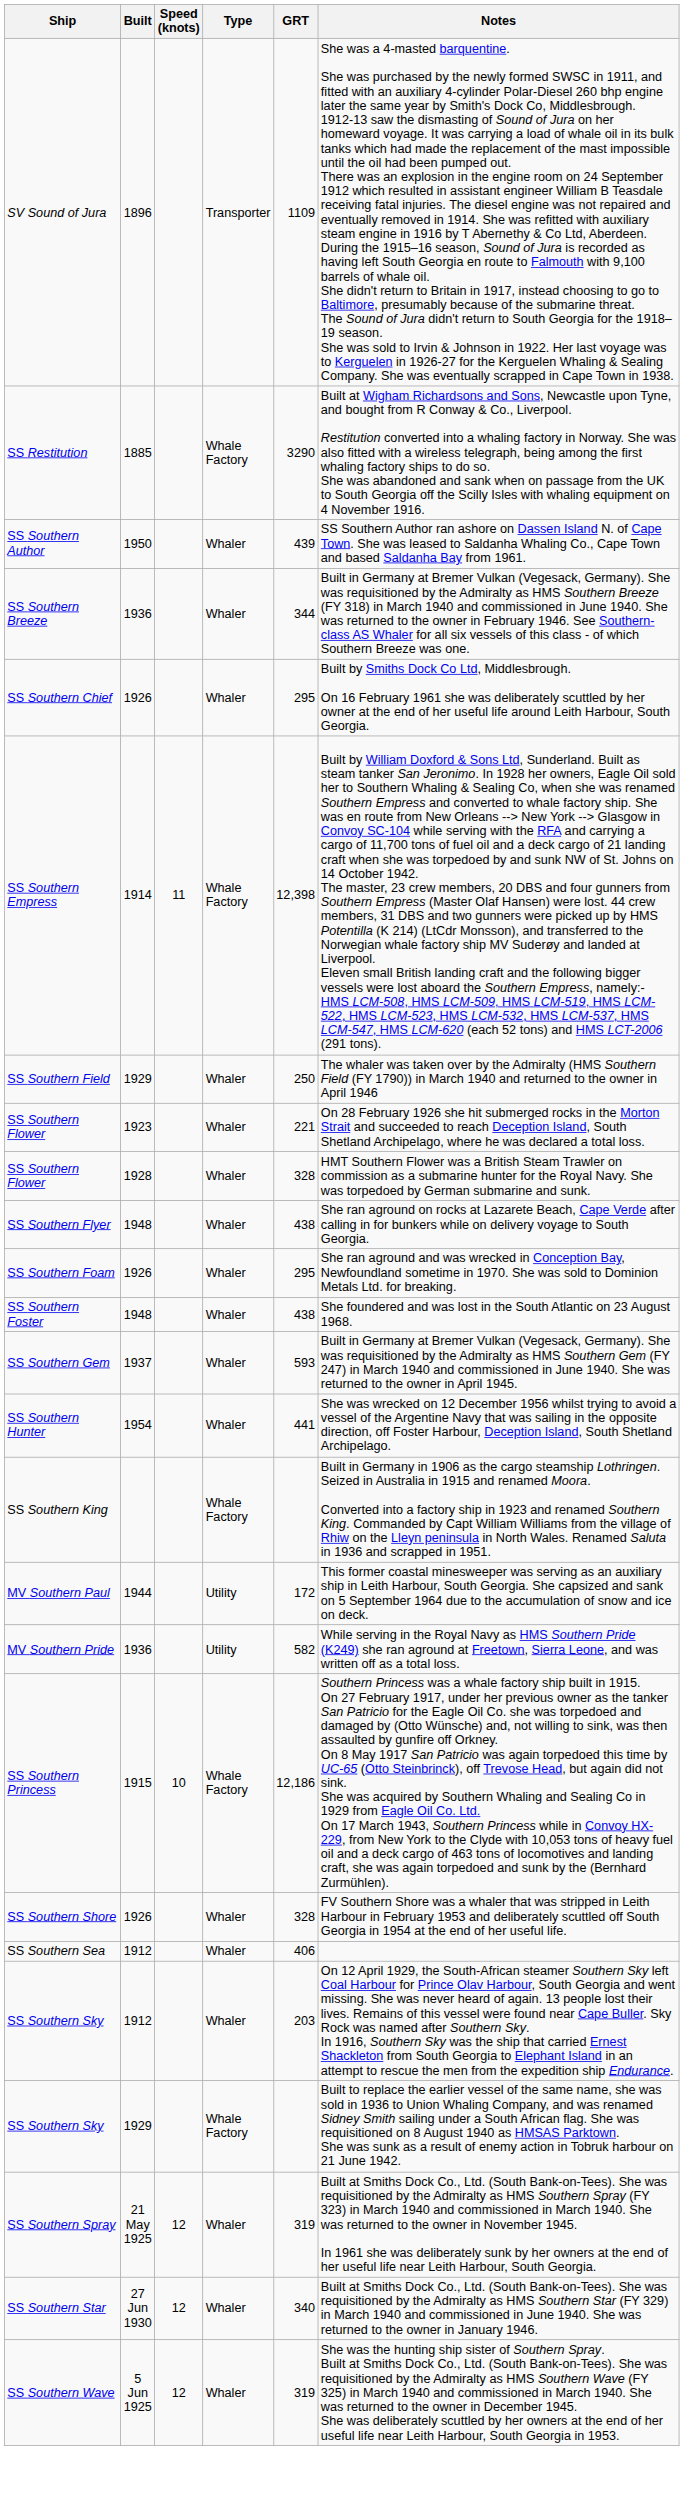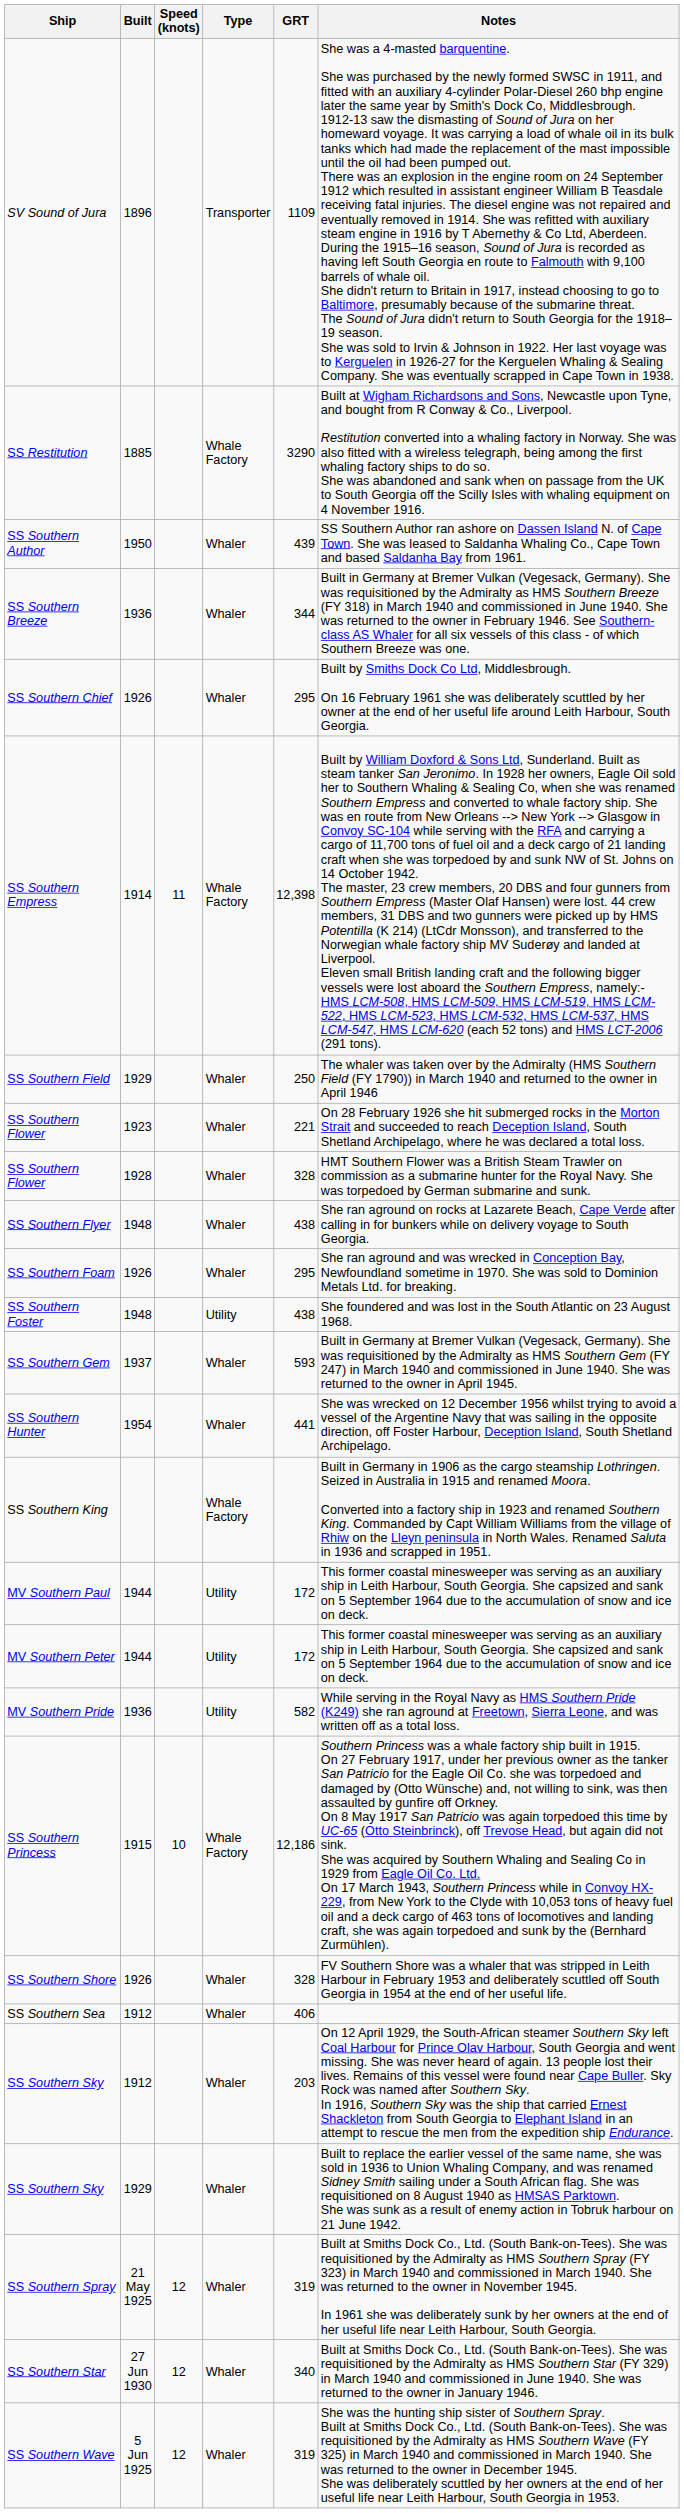 <table class="wikitable sortable">
 <tr>
 <th scope="col" width="140px" text-align="left">Ship</th>
 <th scope="col" width="30px"  text-align="center">Built</th>
 <th scope="col" width="30px"  text-align="center">Speed (knots)</th>
 <th scope="col" width="50px"  text-align="center">Type</th>
 <th scope="col" width="30px"  text-align="center">GRT</th>
 <th scope="col" width="450px" text-align="left" class="unsortable">Notes</th>
 </tr>
 <tr>
 <td><em>SV Sound of Jura</em></td>
 <td align="Center">1896</td>
 <td align="Center"></td>
 <td>Transporter</td>
 <td align="Right">1109</td>
 <td>She was a 4-masted <a href='#'>barquentine</a>.<br><br>She was purchased by the newly formed SWSC in 1911, and fitted with an auxiliary 4-cylinder Polar-Diesel 260 bhp engine later the same year by Smith's Dock Co, Middlesbrough.<br> 1912-13 saw the dismasting of <em>Sound of Jura</em> on her homeward voyage. It was carrying a load of whale oil in its bulk tanks which had made the replacement of the mast impossible until the oil had been pumped out.<br>  There was an explosion in the engine room on 24 September 1912 which resulted in assistant engineer William B Teasdale receiving fatal injuries. The diesel engine was not repaired and eventually removed in 1914. She was refitted with auxiliary steam engine in 1916 by T Abernethy & Co Ltd, Aberdeen.<br> During the 1915–16 season, <em>Sound of Jura</em> is recorded as having left South Georgia en route to <a href='#'>Falmouth</a> with 9,100 barrels of whale oil.<br> She didn't return to Britain in 1917, instead choosing to go to <a href='#'>Baltimore</a>, presumably because of the submarine threat.<br> The <em>Sound of Jura</em> didn't return to South Georgia for the 1918–19 season.<br> She was sold to Irvin & Johnson in 1922. Her last voyage was to <a href='#'>Kerguelen</a> in 1926-27 for the Kerguelen Whaling & Sealing Company. She was eventually scrapped in Cape Town in 1938.</td>
 </tr>
 <tr>
 <td><a href='#'>SS <em>Restitution</em></a></td>
 <td align="Center">1885</td>
 <td></td>
 <td>Whale Factory</td>
 <td align="Right">3290</td>
 <td>Built at <a href='#'>Wigham Richardsons and Sons</a>, Newcastle upon Tyne, and bought from R Conway & Co., Liverpool.<br><br><em>Restitution</em> converted into a whaling factory in Norway. She was also fitted with a wireless telegraph, being among the first whaling factory ships to do so.<br> She was abandoned and sank when on passage from the UK to South Georgia off the Scilly Isles with whaling equipment on 4 November 1916.</td>
 </tr>
 <tr>
 <td><a href='#'>SS <em>Southern Author</em></a></td>
 <td align="Center">1950</td>
 <td align="Center"></td>
 <td>Whaler</td>
 <td align="Right">439</td>
 <td>SS Southern Author ran ashore on <a href='#'>Dassen Island</a>  N. of <a href='#'>Cape Town</a>. She was leased to Saldanha Whaling Co., Cape Town and based <a href='#'>Saldanha Bay</a> from 1961.</td>
 </tr>
 <tr>
 <td><a href='#'>SS <em>Southern Breeze</em></a></td>
 <td align="Center">1936</td>
 <td align="Center"></td>
 <td>Whaler</td>
 <td align="Right">344</td>
 <td>Built in Germany at Bremer Vulkan (Vegesack, Germany). She was requisitioned by the Admiralty as HMS <em>Southern Breeze</em> (FY 318) in March 1940 and commissioned in June 1940. She was returned to the owner in February 1946. See <a href='#'>Southern-class AS Whaler</a> for all six vessels of this class - of which Southern Breeze was one.</td>
 </tr>
 <tr>
 <td><a href='#'>SS <em>Southern Chief</em></a></td>
 <td align="Center">1926</td>
 <td align="Center"></td>
 <td>Whaler</td>
 <td align="Right">295</td>
 <td>Built by <a href='#'>Smiths Dock Co Ltd</a>, Middlesbrough.<br><br>On 16 February 1961 she was deliberately scuttled by her owner at the end of her useful life around Leith Harbour, South Georgia.</td>
 </tr>
 <tr>
 <td><a href='#'>SS <em>Southern Empress</em></a></td>
 <td align="Center">1914</td>
 <td align="Center">11</td>
 <td>Whale Factory</td>
 <td align="Right">12,398</td>
 <td><br>Built by <a href='#'>William Doxford & Sons Ltd</a>, Sunderland. Built as steam tanker <em>San Jeronimo</em>. In 1928 her owners, Eagle Oil sold her to Southern Whaling & Sealing Co, when she was renamed <em>Southern Empress</em> and converted to whale factory ship. She was en route from New Orleans --> New York --> Glasgow in <a href='#'>Convoy SC-104</a> while serving with the <a href='#'>RFA</a> and carrying a cargo of 11,700 tons of fuel oil and a deck cargo of 21 landing craft when she was torpedoed by  and sunk NW of St. Johns on 14 October 1942.<br>The master, 23 crew members, 20 DBS and four gunners from <em>Southern Empress</em> (Master Olaf Hansen) were lost. 44 crew members, 31 DBS and two gunners were picked up by HMS <em>Potentilla</em> (K 214) (LtCdr Monsson), and transferred to the Norwegian whale factory ship MV Suderøy and landed at Liverpool.<br>Eleven small British landing craft and the following bigger vessels were lost aboard the <em>Southern Empress</em>, namely:-<br><a href='#'>HMS <em>LCM-508</em>, HMS <em>LCM-509</em>, HMS <em>LCM-519</em>, HMS <em>LCM-522</em>, HMS <em>LCM-523</em>, HMS <em>LCM-532</em>, HMS <em>LCM-537</em>, HMS <em>LCM-547</em>, HMS <em>LCM-620</em></a> (each 52 tons) and <a href='#'>HMS <em>LCT-2006</em></a> (291 tons).</td>
 </tr>
 <tr>
 <td><a href='#'>SS <em>Southern Field</em></a></td>
 <td align="Center">1929</td>
 <td align="Center"></td>
 <td>Whaler</td>
 <td align="Right">250</td>
 <td>The  whaler was taken over by the Admiralty (HMS <em>Southern Field</em> (FY 1790)) in March 1940 and returned to the owner in April 1946</td>
 </tr>
 <tr>
 <td><a href='#'>SS <em>Southern Flower</em></a></td>
 <td align="Center">1923</td>
 <td align="Center"></td>
 <td>Whaler</td>
 <td align="Right">221</td>
 <td>On 28 February 1926 she hit submerged rocks in the <a href='#'>Morton Strait</a> and succeeded to reach <a href='#'>Deception Island</a>, South Shetland Archipelago, where he was declared a total loss.</td>
 </tr>
 <tr>
 <td><a href='#'>SS <em>Southern Flower</em></a></td>
 <td align="Center">1928</td>
 <td align="Center"></td>
 <td>Whaler</td>
 <td align="Right">328</td>
 <td>HMT Southern Flower was a British Steam Trawler on commission as a submarine hunter for the Royal Navy. She was torpedoed by German submarine  and sunk.</td>
 </tr>
 <tr>
 <td><a href='#'>SS <em>Southern Flyer</em></a></td>
 <td align="Center">1948</td>
 <td align="Center"></td>
 <td>Whaler</td>
 <td align="Right">438</td>
 <td>She ran aground on rocks at Lazarete Beach, <a href='#'>Cape Verde</a> after calling in for bunkers while on delivery voyage to South Georgia.</td>
 </tr>
 <tr>
 <td><a href='#'>SS <em>Southern Foam</em></a></td>
 <td align="Center">1926</td>
 <td align="Center"></td>
 <td>Whaler</td>
 <td align="Right">295</td>
 <td>She ran aground and was wrecked in <a href='#'>Conception Bay</a>, Newfoundland sometime in 1970. She was sold to Dominion Metals Ltd. for breaking.</td>
 </tr>
 <tr>
 <td><a href='#'>SS <em>Southern Foster</em></a></td>
 <td align="Center">1948</td>
 <td align="Center"></td>
-<td>Whaler</td>
+<td>Utility</td>
 <td align="Right">438</td>
 <td>She foundered and was lost in the South Atlantic on 23 August 1968.</td>
 </tr>
 <tr>
 <td><a href='#'>SS <em>Southern Gem</em></a></td>
 <td align="Center">1937</td>
 <td align="Center"></td>
 <td>Whaler</td>
 <td align="Right">593</td>
 <td>Built in Germany at Bremer Vulkan (Vegesack, Germany). She was requisitioned by the Admiralty as HMS <em>Southern Gem</em> (FY 247) in March 1940 and commissioned in June 1940. She was returned to the owner in April 1945.</td>
 </tr>
 <tr>
 <td><a href='#'>SS <em>Southern Hunter</em></a></td>
 <td align="Center">1954</td>
 <td align="Center"></td>
 <td>Whaler</td>
 <td align="Right">441</td>
 <td>She was wrecked on 12 December 1956 whilst trying to avoid a vessel of the Argentine Navy that was sailing in the opposite direction, off Foster Harbour, <a href='#'>Deception Island</a>, South Shetland Archipelago.</td>
 </tr>
 <tr>
 <td>SS <em>Southern King</em></td>
 <td></td>
 <td></td>
 <td>Whale Factory</td>
 <td></td>
 <td>Built in Germany in 1906 as the cargo steamship <em>Lothringen</em>. Seized in Australia in 1915 and renamed <em>Moora</em>.<br><br>Converted into a factory ship in 1923 and renamed <em>Southern King</em>. Commanded by Capt William Williams from the village of <a href='#'>Rhiw</a> on the <a href='#'>Lleyn peninsula</a> in North Wales. Renamed <em>Saluta</em> in 1936 and scrapped in 1951.</td>
 </tr>
 <tr>
 <td><a href='#'>MV <em>Southern Paul</em></a></td>
+<td align="Center">1944</td>
+<td align="Center"></td>
+<td>Utility</td>
+<td align="Right">172</td>
+<td>This former coastal minesweeper was serving as an auxiliary ship in Leith Harbour, South Georgia. She capsized and sank on 5 September 1964 due to the accumulation of snow and ice on deck.</td>
+</tr>
+<tr>
+<td><a href='#'>MV <em>Southern Peter</em></a></td>
 <td align="Center">1944</td>
 <td align="Center"></td>
 <td>Utility</td>
 <td align="Right">172</td>
 <td>This former coastal minesweeper was serving as an auxiliary ship in Leith Harbour, South Georgia. She capsized and sank on 5 September 1964 due to the accumulation of snow and ice on deck.</td>
 </tr>
 <tr>
 <td><a href='#'>MV <em>Southern Pride</em></a></td>
 <td align="Center">1936</td>
 <td align="Center"></td>
 <td>Utility</td>
 <td align="Right">582</td>
 <td>While serving in the Royal Navy as <a href='#'>HMS <em>Southern Pride</em> (K249)</a> she ran aground at <a href='#'>Freetown</a>, <a href='#'>Sierra Leone</a>, and was written off as a total loss.</td>
 </tr>
 <tr>
 <td><a href='#'>SS <em>Southern Princess</em></a></td>
 <td align="Center">1915</td>
 <td align="Center">10</td>
 <td>Whale Factory</td>
 <td align="Right">12,186</td>
 <td><em>Southern Princess</em> was a whale factory ship built in 1915.<br>On 27 February 1917, under her previous owner as the tanker <em>San Patricio</em> for the Eagle Oil Co. she was torpedoed and damaged by  (Otto Wünsche) and, not willing to sink, was then assaulted by gunfire off Orkney.<br>On 8 May 1917 <em>San Patricio</em> was again torpedoed this time by <a href='#'><em>UC-65</em></a> (<a href='#'>Otto Steinbrinck</a>), off <a href='#'>Trevose Head</a>, but again did not sink.<br>She was acquired by Southern Whaling and Sealing Co in 1929 from <a href='#'>Eagle Oil Co. Ltd.</a><br>On 17 March 1943, <em>Southern Princess</em> while in <a href='#'>Convoy HX-229</a>, from New York to the Clyde with 10,053 tons of heavy fuel oil and a deck cargo of 463 tons of locomotives and landing craft, she was again torpedoed and sunk by the  (Bernhard Zurmühlen).</td>
 </tr>
 <tr>
 <td><a href='#'>SS <em>Southern Shore</em></a></td>
 <td align="Center">1926</td>
 <td align="Center"></td>
 <td>Whaler</td>
 <td align="Right">328</td>
 <td>FV Southern Shore was a whaler that was stripped in Leith Harbour in February 1953 and deliberately scuttled off South Georgia in 1954 at the end of her useful life.</td>
 </tr>
 <tr>
 <td>SS <em>Southern Sea</em></td>
 <td align="Center">1912</td>
 <td align="Center"></td>
 <td>Whaler</td>
 <td align="Right">406</td>
 <td></td>
 </tr>
 <tr>
 <td><a href='#'>SS <em>Southern Sky</em></a></td>
 <td align="Center">1912</td>
 <td align="Center"></td>
 <td>Whaler</td>
 <td align="Right">203</td>
 <td>On 12 April 1929, the South-African steamer <em>Southern Sky</em> left <a href='#'>Coal Harbour</a> for <a href='#'>Prince Olav Harbour</a>, South Georgia and went missing. She was never heard of again. 13 people lost their lives. Remains of this vessel were found near <a href='#'>Cape Buller</a>. Sky Rock was named after <em>Southern Sky</em>.<br>In 1916, <em>Southern Sky</em> was the ship that carried <a href='#'>Ernest Shackleton</a> from South Georgia to <a href='#'>Elephant Island</a> in an attempt to rescue the men from the expedition ship <em><a href='#'>Endurance</a></em>.</td>
 </tr>
 <tr>
 <td><a href='#'>SS <em>Southern Sky</em></a></td>
 <td align="Center">1929</td>
 <td align="Center"></td>
-<td>Whale Factory</td>
+<td>Whaler</td>
 <td></td>
 <td>Built to replace the earlier vessel of the same name, she was sold in 1936 to Union Whaling Company, and was renamed <em>Sidney Smith</em> sailing under a South African flag. She was requisitioned on 8 August 1940 as <a href='#'>HMSAS Parktown</a>.<br>She was sunk as a result of enemy action in Tobruk harbour on 21 June 1942.</td>
 </tr>
 <tr>
 <td><a href='#'>SS <em>Southern Spray</em></a></td>
 <td align="Center">21 May 1925</td>
 <td align="Center">12</td>
 <td>Whaler</td>
 <td align="Right">319</td>
 <td>Built at Smiths Dock Co., Ltd. (South Bank-on-Tees). She was requisitioned by the Admiralty as HMS <em>Southern Spray</em> (FY 323) in March 1940 and commissioned in March 1940. She was returned to the owner in November 1945.<br><br>In 1961 she was deliberately sunk by her owners at the end of her useful life near Leith Harbour, South Georgia.</td>
 </tr>
 <tr>
 <td><a href='#'>SS <em>Southern Star</em></a></td>
 <td align="Center">27 Jun 1930</td>
 <td align="Center">12</td>
 <td>Whaler</td>
 <td align="Right">340</td>
 <td>Built at Smiths Dock Co., Ltd. (South Bank-on-Tees). She was requisitioned by the Admiralty as HMS <em>Southern Star</em> (FY 329) in March 1940 and commissioned in June 1940. She was returned to the owner in January 1946.</td>
 </tr>
 <tr>
 <td><a href='#'>SS <em>Southern Wave</em></a></td>
 <td align="Center">5 Jun 1925</td>
 <td align="Center">12</td>
 <td>Whaler</td>
 <td align="Right">319</td>
 <td>She was the hunting ship sister of <em>Southern Spray</em>.<br>Built at Smiths Dock Co., Ltd. (South Bank-on-Tees). She was requisitioned by the Admiralty as HMS <em>Southern Wave</em> (FY 325) in March 1940 and commissioned in March 1940. She was returned to the owner in December 1945.<br>She was deliberately scuttled by her owners at the end of her useful life near Leith Harbour, South Georgia in 1953.</td>
 </tr>
 </table>
